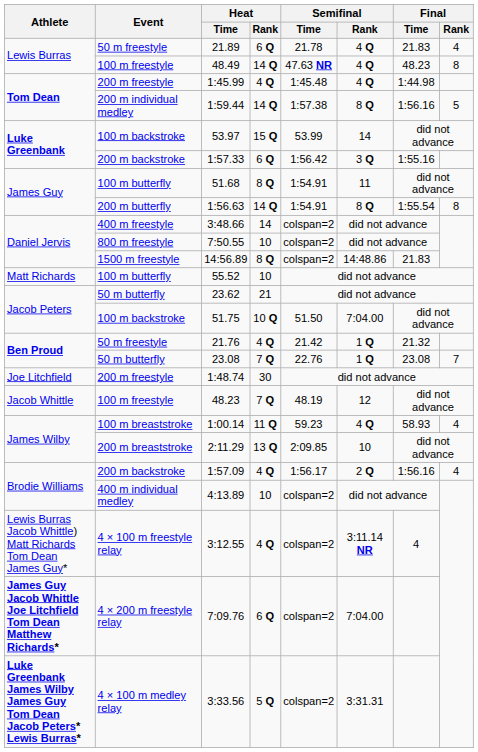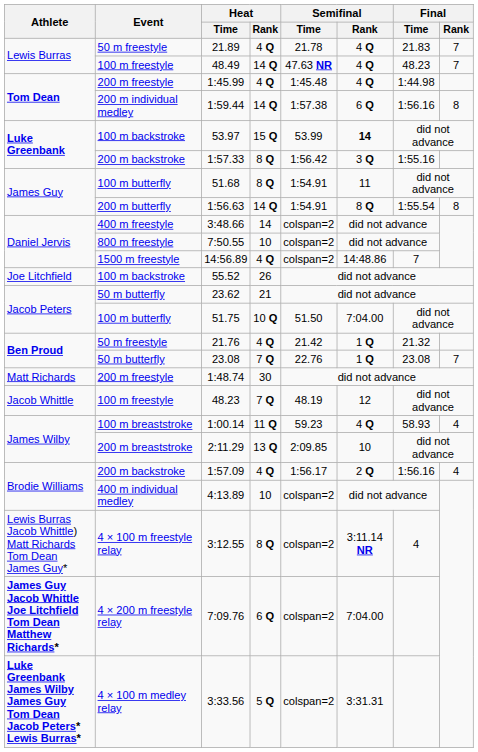 <table class=wikitable style="font-size:90%">
 <tr>
 <th rowspan="2">Athlete</th>
 <th rowspan="2">Event</th>
 <th colspan="2">Heat</th>
 <th colspan="2">Semifinal</th>
 <th colspan="2">Final</th>
 </tr>
 <tr style="font-size:95%">
 <th>Time</th>
 <th>Rank</th>
 <th>Time</th>
 <th>Rank</th>
 <th>Time</th>
 <th>Rank</th>
 </tr>
 <tr style="text-align:center">
 <td style="text-align:left" rowspan=2><a href='#'>Lewis Burras</a></td>
 <td style="text-align:left"><a href='#'>50 m freestyle</a></td>
 <td>21.89</td>
-<td>6 <strong>Q</strong></td>
+<td>4 <strong>Q</strong></td>
 <td>21.78</td>
 <td>4 <strong>Q</strong></td>
 <td>21.83</td>
-<td>4</td>
+<td>7</td>
 </tr>
 <tr style="text-align:center">
 <td style="text-align:left"><a href='#'>100 m freestyle</a></td>
 <td>48.49</td>
 <td>14 <strong>Q</strong></td>
 <td>47.63 <strong><a href='#'>NR</a></strong></td>
 <td>4 <strong>Q</strong></td>
 <td>48.23</td>
-<td>8</td>
+<td>7</td>
 </tr>
 <tr style="text-align:center">
 <td style="text-align:left" rowspan=2><strong><a href='#'>Tom Dean</a></strong></td>
 <td style="text-align:left"><a href='#'>200 m freestyle</a></td>
 <td>1:45.99</td>
 <td>4 <strong>Q</strong></td>
 <td>1:45.48</td>
 <td>4 <strong>Q</strong></td>
 <td>1:44.98</td>
 <td></td>
 </tr>
 <tr style="text-align:center">
 <td style="text-align:left"><a href='#'>200 m individual medley</a></td>
 <td>1:59.44</td>
 <td>14 <strong>Q</strong></td>
 <td>1:57.38</td>
-<td>8 <strong>Q</strong></td>
+<td>6 <strong>Q</strong></td>
 <td>1:56.16</td>
-<td>5</td>
+<td>8</td>
 </tr>
 <tr style="text-align:center">
 <td style="text-align:left" rowspan=2><strong><a href='#'>Luke Greenbank</a></strong></td>
 <td style="text-align:left"><a href='#'>100 m backstroke</a></td>
 <td>53.97</td>
 <td>15 <strong>Q</strong></td>
 <td>53.99</td>
-<td>14</td>
+<td><strong>14</strong></td>
 <td colspan=2>did not advance</td>
 </tr>
 <tr style="text-align:center">
 <td style="text-align:left"><a href='#'>200 m backstroke</a></td>
 <td>1:57.33</td>
-<td>6 <strong>Q</strong></td>
+<td>8 <strong>Q</strong></td>
 <td>1:56.42</td>
 <td>3 <strong>Q</strong></td>
 <td>1:55.16</td>
 <td></td>
 </tr>
 <tr style="text-align:center">
 <td style="text-align:left" rowspan=2><a href='#'>James Guy</a></td>
 <td style="text-align:left"><a href='#'>100 m butterfly</a></td>
 <td>51.68</td>
 <td>8 <strong>Q</strong></td>
 <td>1:54.91</td>
 <td>11</td>
 <td colspan=2>did not advance</td>
 </tr>
 <tr style="text-align:center">
 <td style="text-align:left"><a href='#'>200 m butterfly</a></td>
 <td>1:56.63</td>
 <td>14 <strong>Q</strong></td>
 <td>1:54.91</td>
 <td>8 <strong>Q</strong></td>
 <td>1:55.54</td>
 <td>8</td>
 </tr>
 <tr style="text-align:center">
 <td style="text-align:left" rowspan=3><a href='#'>Daniel Jervis</a></td>
 <td style="text-align:left"><a href='#'>400 m freestyle</a></td>
 <td>3:48.66</td>
 <td>14</td>
 <td>colspan=2 </td>
 <td colspan=2>did not advance</td>
 </tr>
 <tr style="text-align:center">
 <td style="text-align:left"><a href='#'>800 m freestyle</a></td>
 <td>7:50.55</td>
 <td>10</td>
 <td>colspan=2 </td>
 <td colspan=2>did not advance</td>
 </tr>
 <tr style="text-align:center">
 <td style="text-align:left"><a href='#'>1500 m freestyle</a></td>
 <td>14:56.89</td>
-<td>8 <strong>Q</strong></td>
+<td>4 <strong>Q</strong></td>
 <td>colspan=2 </td>
 <td>14:48.86</td>
-<td>21.83</td>
+<td>7</td>
 </tr>
 <tr style="text-align:center">
-<td style="text-align:left"><a href='#'>Matt Richards</a></td>
-<td style="text-align:left"><a href='#'>100 m butterfly</a></td>
+<td style="text-align:left"><a href='#'>Joe Litchfield</a></td>
+<td style="text-align:left"><a href='#'>100 m backstroke</a></td>
 <td>55.52</td>
-<td>10</td>
+<td>26</td>
 <td colspan=4>did not advance</td>
 </tr>
 <tr style="text-align:center">
 <td style="text-align:left" rowspan=2><a href='#'>Jacob Peters</a></td>
 <td style="text-align:left"><a href='#'>50 m butterfly</a></td>
 <td>23.62</td>
 <td>21</td>
 <td colspan=4>did not advance</td>
 </tr>
 <tr style="text-align:center">
-<td style="text-align:left"><a href='#'>100 m backstroke</a></td>
+<td style="text-align:left"><a href='#'>100 m butterfly</a></td>
 <td>51.75</td>
 <td>10 <strong>Q</strong></td>
 <td>51.50</td>
 <td>7:04.00</td>
 <td colspan=2>did not advance</td>
 </tr>
 <tr style="text-align:center">
 <td style="text-align:left" rowspan=2><strong><a href='#'>Ben Proud</a></strong></td>
 <td style="text-align:left"><a href='#'>50 m freestyle</a></td>
 <td>21.76</td>
 <td>4 <strong>Q</strong></td>
 <td>21.42</td>
 <td>1 <strong>Q</strong></td>
 <td>21.32</td>
 <td></td>
 </tr>
 <tr style="text-align:center">
 <td style="text-align:left"><a href='#'>50 m butterfly</a></td>
 <td>23.08</td>
 <td>7 <strong>Q</strong></td>
 <td>22.76</td>
 <td>1 <strong>Q</strong></td>
 <td>23.08</td>
 <td>7</td>
 </tr>
 <tr style="text-align:center">
-<td style="text-align:left"><a href='#'>Joe Litchfield</a></td>
+<td style="text-align:left"><a href='#'>Matt Richards</a></td>
 <td style="text-align:left"><a href='#'>200 m freestyle</a></td>
 <td>1:48.74</td>
 <td>30</td>
 <td colspan=4>did not advance</td>
 </tr>
 <tr style="text-align:center">
 <td style="text-align:left"><a href='#'>Jacob Whittle</a></td>
 <td style="text-align:left"><a href='#'>100 m freestyle</a></td>
 <td>48.23</td>
 <td>7 <strong>Q</strong></td>
 <td>48.19</td>
 <td>12</td>
 <td colspan=2>did not advance</td>
 </tr>
 <tr style="text-align:center">
 <td style="text-align:left" rowspan=2><a href='#'>James Wilby</a></td>
 <td style="text-align:left"><a href='#'>100 m breaststroke</a></td>
 <td>1:00.14</td>
 <td>11 <strong>Q</strong></td>
 <td>59.23</td>
 <td>4 <strong>Q</strong></td>
 <td>58.93</td>
 <td>4</td>
 </tr>
 <tr style="text-align:center">
 <td style="text-align:left"><a href='#'>200 m breaststroke</a></td>
 <td>2:11.29</td>
 <td>13 <strong>Q</strong></td>
 <td>2:09.85</td>
 <td>10</td>
 <td colspan=2>did not advance</td>
 </tr>
 <tr style="text-align:center">
 <td style="text-align:left" rowspan=2><a href='#'>Brodie Williams</a></td>
 <td style="text-align:left"><a href='#'>200 m backstroke</a></td>
 <td>1:57.09</td>
 <td>4 <strong>Q</strong></td>
 <td>1:56.17</td>
 <td>2 <strong>Q</strong></td>
 <td>1:56.16</td>
 <td>4</td>
 </tr>
 <tr style="text-align:center">
 <td style="text-align:left"><a href='#'>400 m individual medley</a></td>
 <td>4:13.89</td>
 <td>10</td>
 <td>colspan=2 </td>
 <td colspan=2>did not advance</td>
 </tr>
 <tr style="text-align:center">
 <td style="text-align:left"><a href='#'>Lewis Burras</a> <br><a href='#'>Jacob Whittle</a>)<br><a href='#'>Matt Richards</a><br><a href='#'>Tom Dean</a> <br><a href='#'>James Guy</a>*</td>
 <td style="text-align:left"><a href='#'>4 × 100 m freestyle relay</a></td>
 <td>3:12.55</td>
-<td>4 <strong>Q</strong></td>
+<td>8 <strong>Q</strong></td>
 <td>colspan=2 </td>
 <td>3:11.14 <strong><a href='#'>NR</a></strong></td>
 <td>4</td>
 </tr>
 <tr style="text-align:center">
 <td style="text-align:left"><strong><a href='#'>James Guy</a><br><a href='#'>Jacob Whittle</a><br><a href='#'>Joe Litchfield</a><br><a href='#'>Tom Dean</a><br><a href='#'>Matthew Richards</a>*</strong></td>
 <td style="text-align:left"><a href='#'>4 × 200 m freestyle relay</a></td>
 <td>7:09.76</td>
 <td>6 <strong>Q</strong></td>
 <td>colspan=2 </td>
 <td>7:04.00</td>
 <td></td>
 </tr>
 <tr style="text-align:center">
 <td style="text-align:left"><strong><a href='#'>Luke Greenbank</a><br><a href='#'>James Wilby</a><br><a href='#'>James Guy</a><br><a href='#'>Tom Dean</a><br><a href='#'>Jacob Peters</a>*<br><a href='#'>Lewis Burras</a>*</strong></td>
 <td style="text-align:left"><a href='#'>4 × 100 m medley relay</a></td>
 <td>3:33.56</td>
 <td>5 <strong>Q</strong></td>
 <td>colspan=2 </td>
 <td>3:31.31</td>
 <td></td>
 </tr>
 </table>
